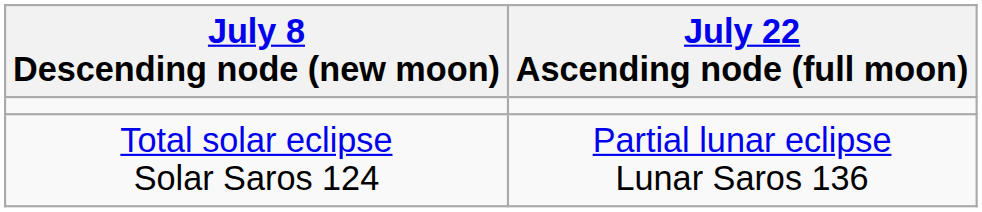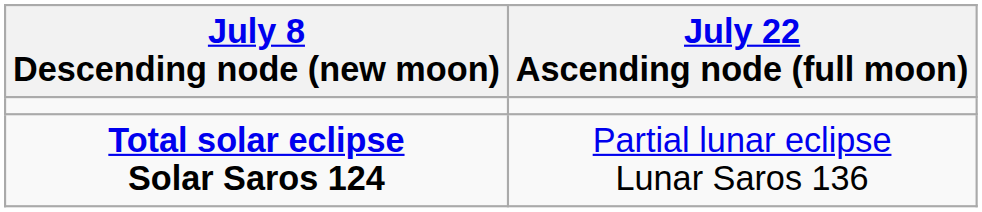 <table class="wikitable">
 <tr>
 <th><a href='#'>July 8</a><br>Descending node (new moon)<br></th>
 <th><a href='#'>July 22</a><br>Ascending node (full moon)<br></th>
 </tr>
 <tr>
 <td></td>
 <td></td>
 </tr>
 <tr align=center>
-<td><a href='#'>Total solar eclipse</a><br>Solar Saros 124</td>
+<td><strong><a href='#'>Total solar eclipse</a><br>Solar Saros 124</strong></td>
 <td><a href='#'>Partial lunar eclipse</a><br>Lunar Saros 136</td>
 </tr>
 </table>
